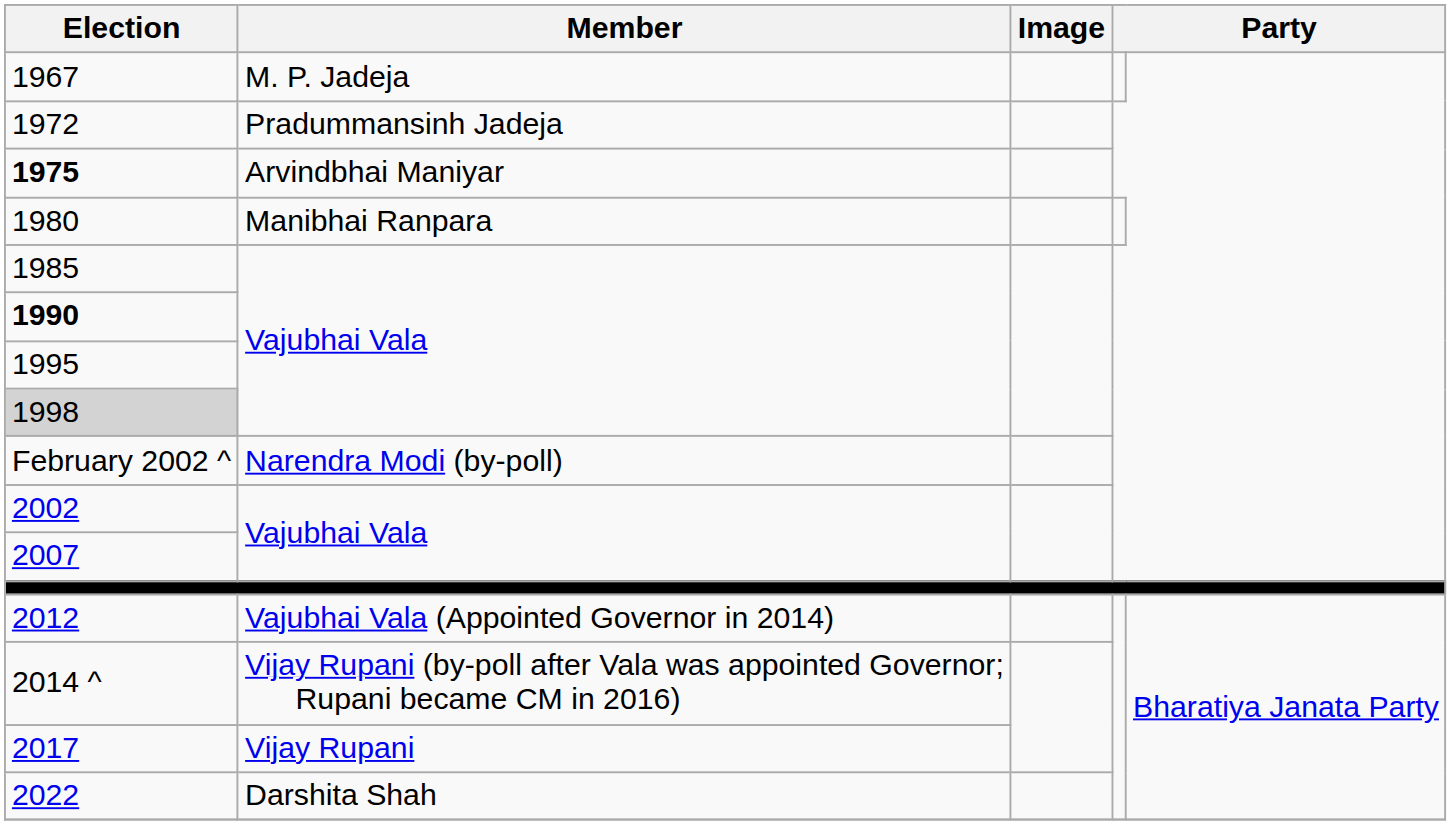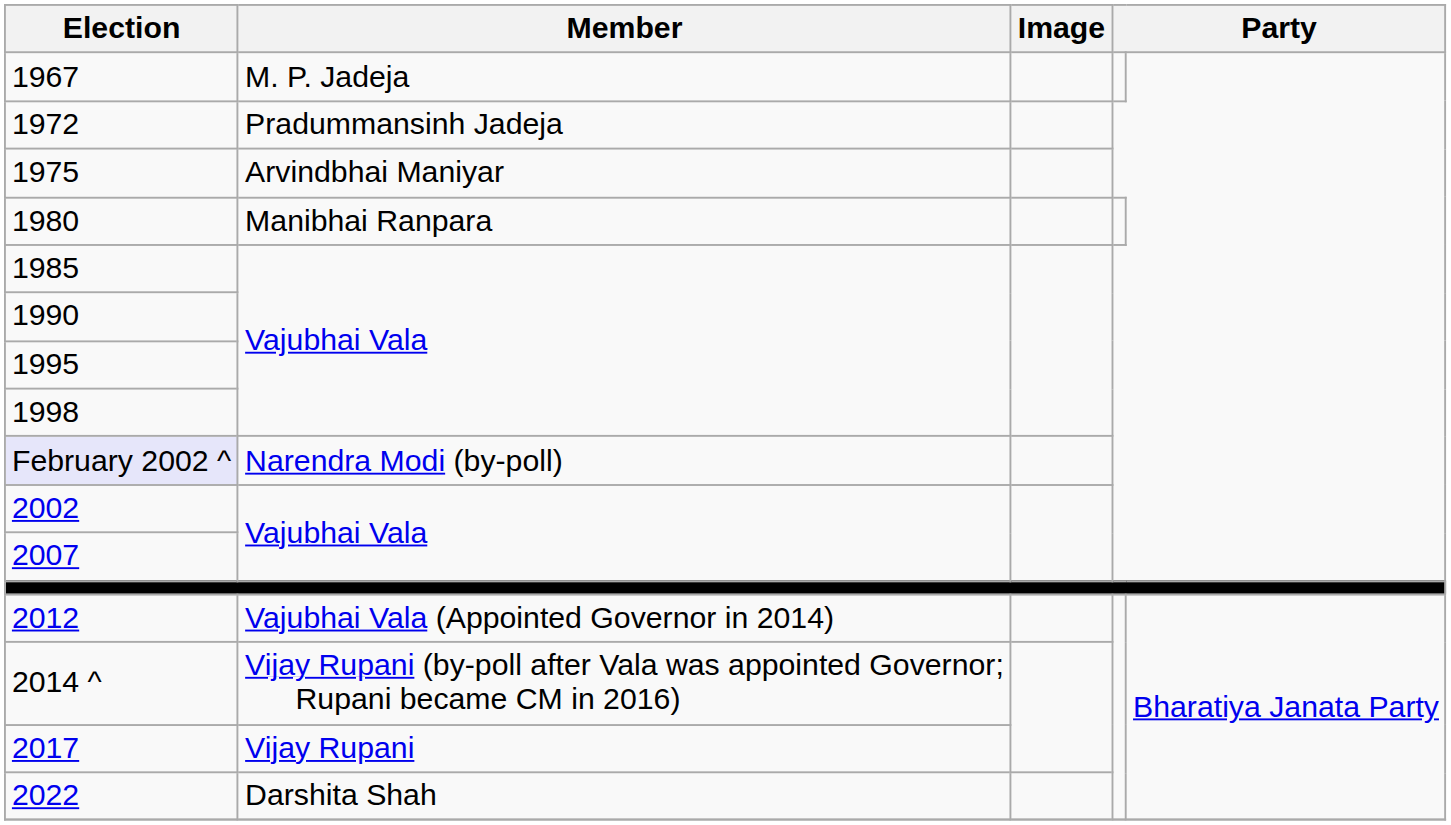 <table class="wikitable sortable">
 <tr>
 <th>Election</th>
 <th>Member</th>
 <th>Image</th>
 <th colspan="2">Party</th>
 </tr>
 <tr>
 <td>1967</td>
 <td>M. P. Jadeja</td>
 <td></td>
 <td></td>
 </tr>
 <tr>
 <td>1972</td>
 <td>Pradummansinh Jadeja</td>
 <td></td>
 </tr>
 <tr>
-<td><strong>1975</strong></td>
+<td>1975</td>
 <td>Arvindbhai Maniyar</td>
 <td></td>
 </tr>
 <tr>
 <td>1980</td>
 <td>Manibhai Ranpara</td>
 <td></td>
 <td></td>
 </tr>
 <tr>
 <td>1985</td>
 <td rowspan="4"><a href='#'>Vajubhai Vala</a></td>
 <td rowspan="4"></td>
 </tr>
 <tr>
-<td><strong>1990</strong></td>
+<td>1990</td>
 </tr>
 <tr>
 <td>1995</td>
 </tr>
 <tr>
-<td style="background: lightgrey;">1998</td>
+<td>1998</td>
 </tr>
 <tr>
-<td>February 2002 ^ </td>
+<td style="background: lavender;">February 2002 ^ </td>
 <td><a href='#'>Narendra Modi</a> (by-poll)</td>
 <td></td>
 </tr>
 <tr>
 <td><a href='#'>2002</a></td>
 <td rowspan="2"><a href='#'>Vajubhai Vala</a></td>
 <td rowspan="2"></td>
 </tr>
 <tr>
 <td><a href='#'>2007</a></td>
 </tr>
 <tr>
 <td colspan="5" style="background-color:black"></td>
 </tr>
 <tr>
 <td><a href='#'>2012</a></td>
 <td><a href='#'>Vajubhai Vala</a> (Appointed Governor in 2014)</td>
 <td></td>
 <td rowspan="4" style="background-color: "></td>
 <td rowspan="4"><a href='#'>Bharatiya Janata Party</a></td>
 </tr>
 <tr>
 <td>2014 ^</td>
 <td><a href='#'>Vijay Rupani</a> (by-poll after Vala was appointed Governor; <br>      Rupani became CM in 2016)</td>
 <td rowspan="2"></td>
 </tr>
 <tr>
 <td><a href='#'>2017</a></td>
 <td><a href='#'>Vijay Rupani</a></td>
 </tr>
 <tr>
 <td><a href='#'>2022</a></td>
 <td>Darshita Shah</td>
 <td></td>
 </tr>
 <tr>
 </tr>
 </table>
